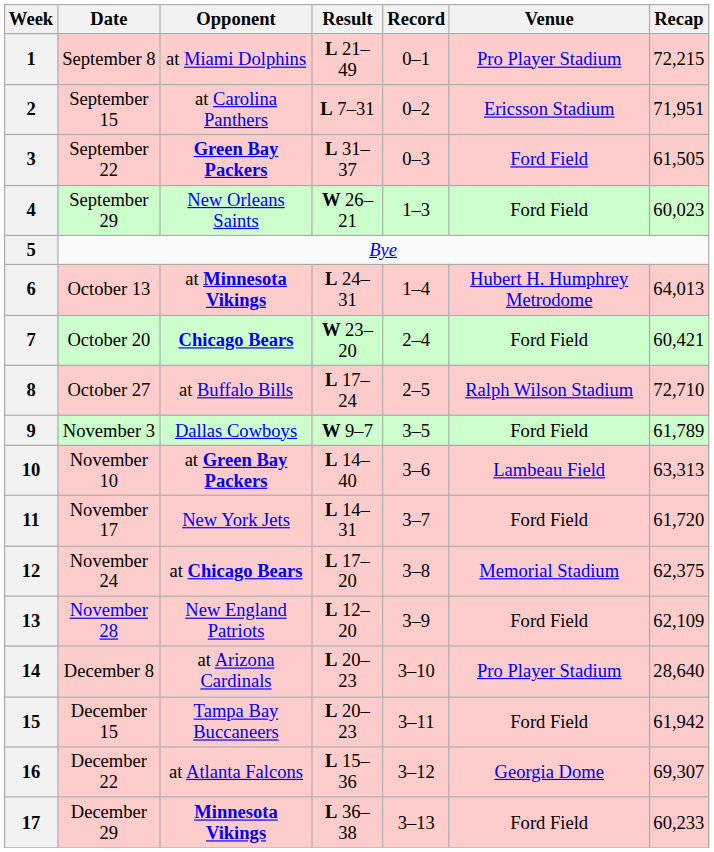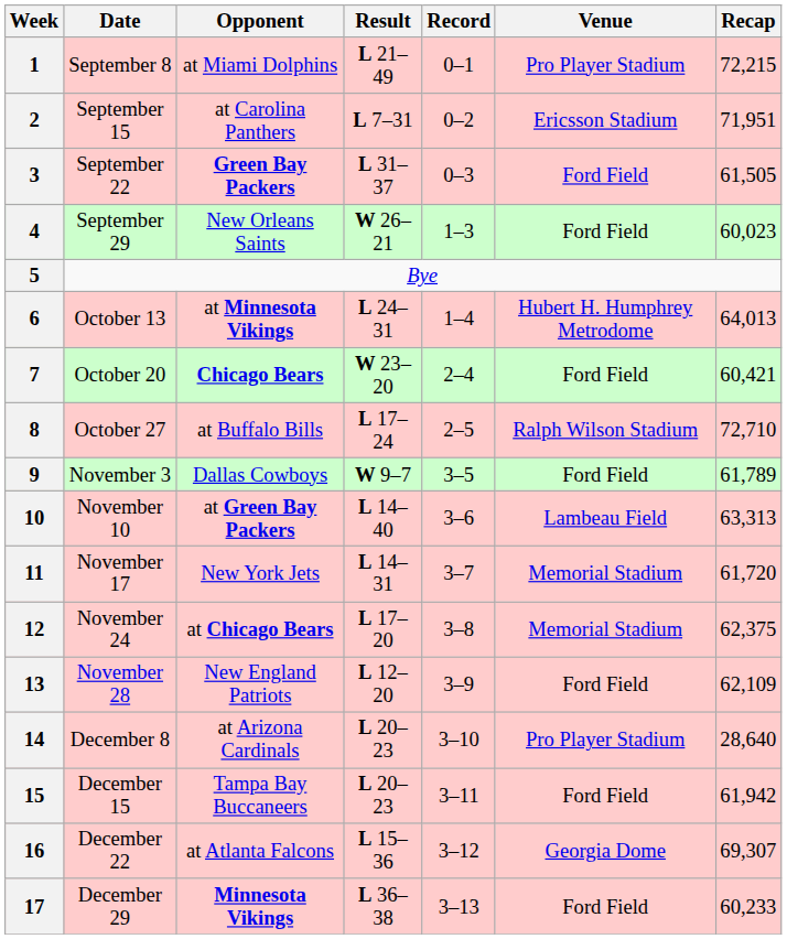 <table class="wikitable" style="text-align:center">
 <tr>
 <th>Week</th>
 <th>Date</th>
 <th>Opponent</th>
 <th>Result</th>
 <th>Record</th>
 <th>Venue</th>
 <th>Recap</th>
 </tr>
 <tr style="background:#fcc">
 <th>1</th>
 <td>September 8</td>
 <td>at <a href='#'>Miami Dolphins</a></td>
 <td><strong>L</strong> 21–49</td>
 <td>0–1</td>
 <td><a href='#'>Pro Player Stadium</a></td>
 <td>72,215</td>
 </tr>
 <tr style="background:#fcc">
 <th>2</th>
 <td>September 15</td>
 <td>at <a href='#'>Carolina Panthers</a></td>
 <td><strong>L</strong> 7–31</td>
 <td>0–2</td>
 <td><a href='#'>Ericsson Stadium</a></td>
 <td>71,951</td>
 </tr>
 <tr style="background:#fcc">
 <th>3</th>
 <td>September 22</td>
 <td><strong><a href='#'>Green Bay Packers</a></strong></td>
 <td><strong>L</strong> 31–37</td>
 <td>0–3</td>
 <td><a href='#'>Ford Field</a></td>
 <td>61,505</td>
 </tr>
 <tr style="background:#cfc">
 <th>4</th>
 <td>September 29</td>
 <td><a href='#'>New Orleans Saints</a></td>
 <td><strong>W</strong> 26–21</td>
 <td>1–3</td>
 <td>Ford Field</td>
 <td>60,023</td>
 </tr>
 <tr>
 <th>5</th>
 <td colspan="6"><a href='#'><em>Bye</em></a></td>
 </tr>
 <tr style="background:#fcc">
 <th>6</th>
 <td>October 13</td>
 <td>at <strong><a href='#'>Minnesota Vikings</a></strong></td>
 <td><strong>L</strong> 24–31</td>
 <td>1–4</td>
 <td><a href='#'>Hubert H. Humphrey Metrodome</a></td>
 <td>64,013</td>
 </tr>
 <tr style="background:#cfc">
 <th>7</th>
 <td>October 20</td>
 <td><strong><a href='#'>Chicago Bears</a></strong></td>
 <td><strong>W</strong> 23–20 </td>
 <td>2–4</td>
 <td>Ford Field</td>
 <td>60,421</td>
 </tr>
 <tr style="background:#fcc">
 <th>8</th>
 <td>October 27</td>
 <td>at <a href='#'>Buffalo Bills</a></td>
 <td><strong>L</strong> 17–24</td>
 <td>2–5</td>
 <td><a href='#'>Ralph Wilson Stadium</a></td>
 <td>72,710</td>
 </tr>
 <tr style="background:#cfc">
 <th>9</th>
 <td>November 3</td>
 <td><a href='#'>Dallas Cowboys</a></td>
 <td><strong>W</strong> 9–7</td>
 <td>3–5</td>
 <td>Ford Field</td>
 <td>61,789</td>
 </tr>
 <tr style="background:#fcc">
 <th>10</th>
 <td>November 10</td>
 <td>at <strong><a href='#'>Green Bay Packers</a></strong></td>
 <td><strong>L</strong> 14–40</td>
 <td>3–6</td>
 <td><a href='#'>Lambeau Field</a></td>
 <td>63,313</td>
 </tr>
 <tr style="background:#fcc">
 <th>11</th>
 <td>November 17</td>
 <td><a href='#'>New York Jets</a></td>
 <td><strong>L</strong> 14–31</td>
 <td>3–7</td>
-<td>Ford Field</td>
+<td><a href='#'>Memorial Stadium</a></td>
 <td>61,720</td>
 </tr>
 <tr style="background:#fcc">
 <th>12</th>
 <td>November 24</td>
 <td>at <strong><a href='#'>Chicago Bears</a></strong></td>
 <td><strong>L</strong> 17–20 </td>
 <td>3–8</td>
 <td><a href='#'>Memorial Stadium</a></td>
 <td>62,375</td>
 </tr>
 <tr style="background:#fcc">
 <th>13</th>
 <td><a href='#'>November 28</a></td>
 <td><a href='#'>New England Patriots</a></td>
 <td><strong>L</strong> 12–20</td>
 <td>3–9</td>
 <td>Ford Field</td>
 <td>62,109</td>
 </tr>
 <tr style="background:#fcc">
 <th>14</th>
 <td>December 8</td>
 <td>at <a href='#'>Arizona Cardinals</a></td>
 <td><strong>L</strong> 20–23 </td>
 <td>3–10</td>
 <td><a href='#'>Pro Player Stadium</a></td>
 <td>28,640</td>
 </tr>
 <tr style="background:#fcc">
 <th>15</th>
 <td>December 15</td>
 <td><a href='#'>Tampa Bay Buccaneers</a></td>
 <td><strong>L</strong> 20–23</td>
 <td>3–11</td>
 <td>Ford Field</td>
 <td>61,942</td>
 </tr>
 <tr style="background:#fcc">
 <th>16</th>
 <td>December 22</td>
 <td>at <a href='#'>Atlanta Falcons</a></td>
 <td><strong>L</strong> 15–36</td>
 <td>3–12</td>
 <td><a href='#'>Georgia Dome</a></td>
 <td>69,307</td>
 </tr>
 <tr style="background:#fcc">
 <th>17</th>
 <td>December 29</td>
 <td><strong><a href='#'>Minnesota Vikings</a></strong></td>
 <td><strong>L</strong> 36–38</td>
 <td>3–13</td>
 <td>Ford Field</td>
 <td>60,233</td>
 </tr>
 </table>
